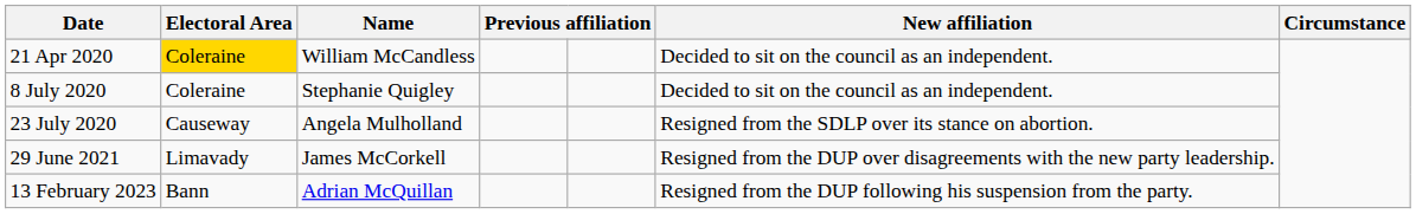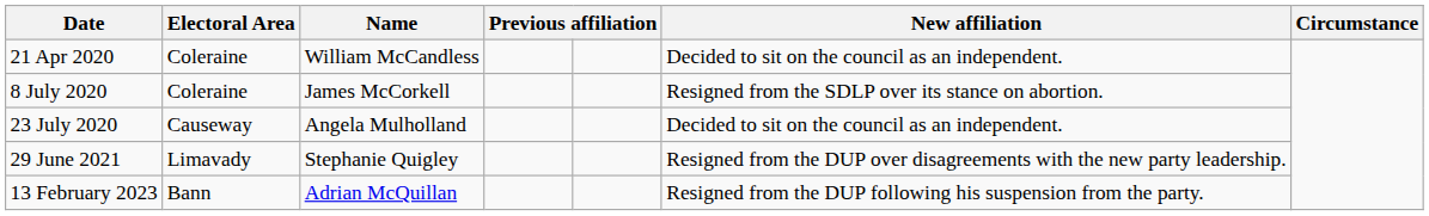 <table class="wikitable" style="font-size: 95%">
 <tr>
 <th>Date</th>
 <th>Electoral Area</th>
 <th>Name</th>
 <th colspan="2">Previous affiliation</th>
 <th colspan="2">New affiliation</th>
 <th>Circumstance</th>
 </tr>
 <tr>
 <td>21 Apr 2020</td>
-<td style="background: gold;">Coleraine</td>
+<td>Coleraine</td>
 <td>William McCandless</td>
 <td></td>
 <td></td>
 <td>Decided to sit on the council as an independent.</td>
 </tr>
 <tr>
 <td>8 July 2020</td>
 <td>Coleraine</td>
-<td>Stephanie Quigley</td>
+<td>James McCorkell</td>
 <td></td>
 <td></td>
-<td>Decided to sit on the council as an independent.</td>
+<td>Resigned from the SDLP over its stance on abortion.</td>
 </tr>
 <tr>
 <td>23 July 2020</td>
 <td>Causeway</td>
 <td>Angela Mulholland</td>
 <td></td>
 <td></td>
-<td>Resigned from the SDLP over its stance on abortion.</td>
+<td>Decided to sit on the council as an independent.</td>
 </tr>
 <tr>
 <td>29 June 2021</td>
 <td>Limavady</td>
-<td>James McCorkell</td>
+<td>Stephanie Quigley</td>
 <td></td>
 <td></td>
 <td>Resigned from the DUP over disagreements with the new party leadership.</td>
 </tr>
 <tr>
 <td>13 February 2023</td>
 <td>Bann</td>
 <td><a href='#'>Adrian McQuillan</a></td>
 <td></td>
 <td></td>
 <td>Resigned from the DUP following his suspension from the party.</td>
 </tr>
 </table>
